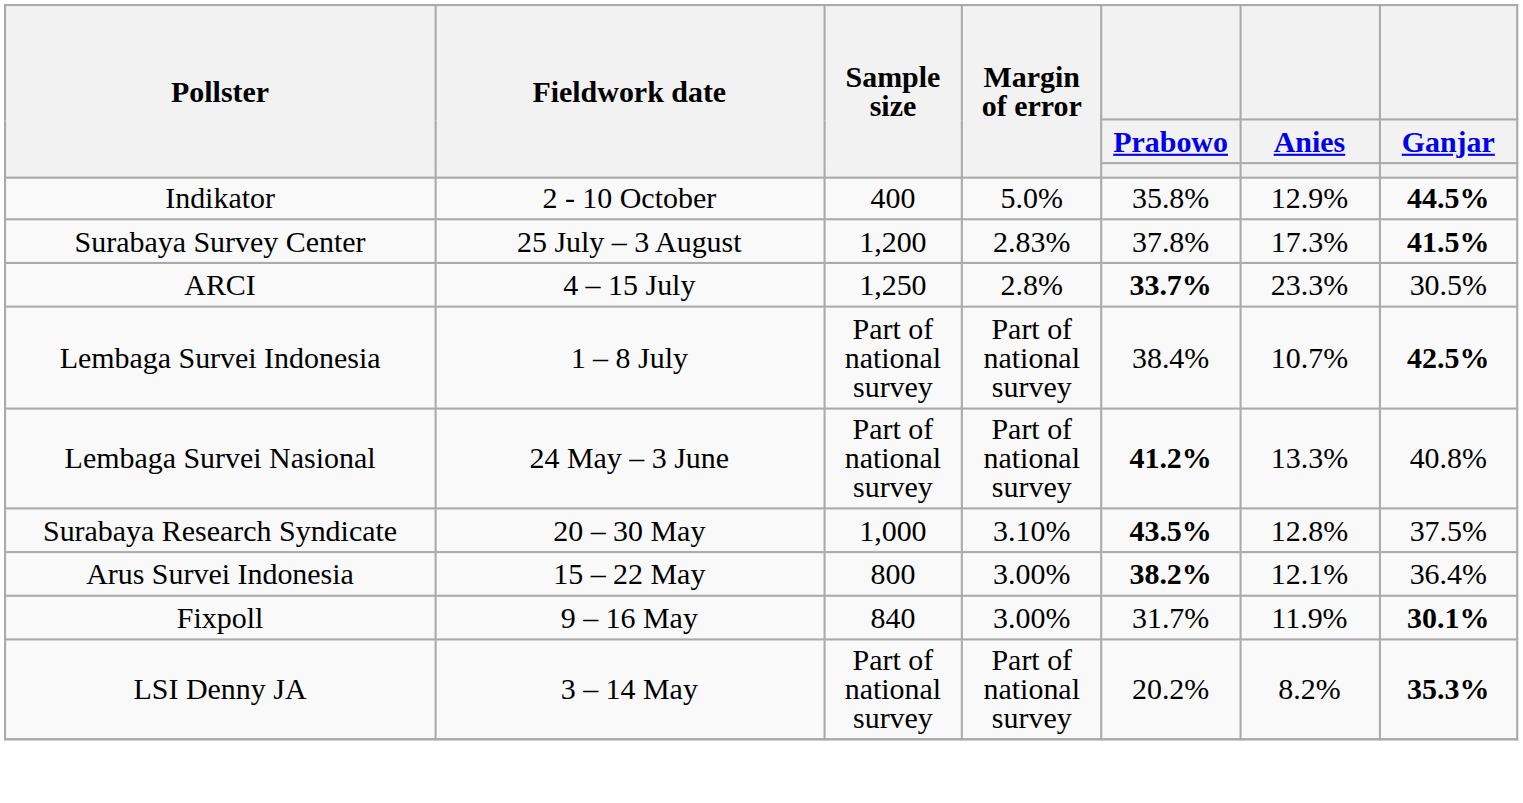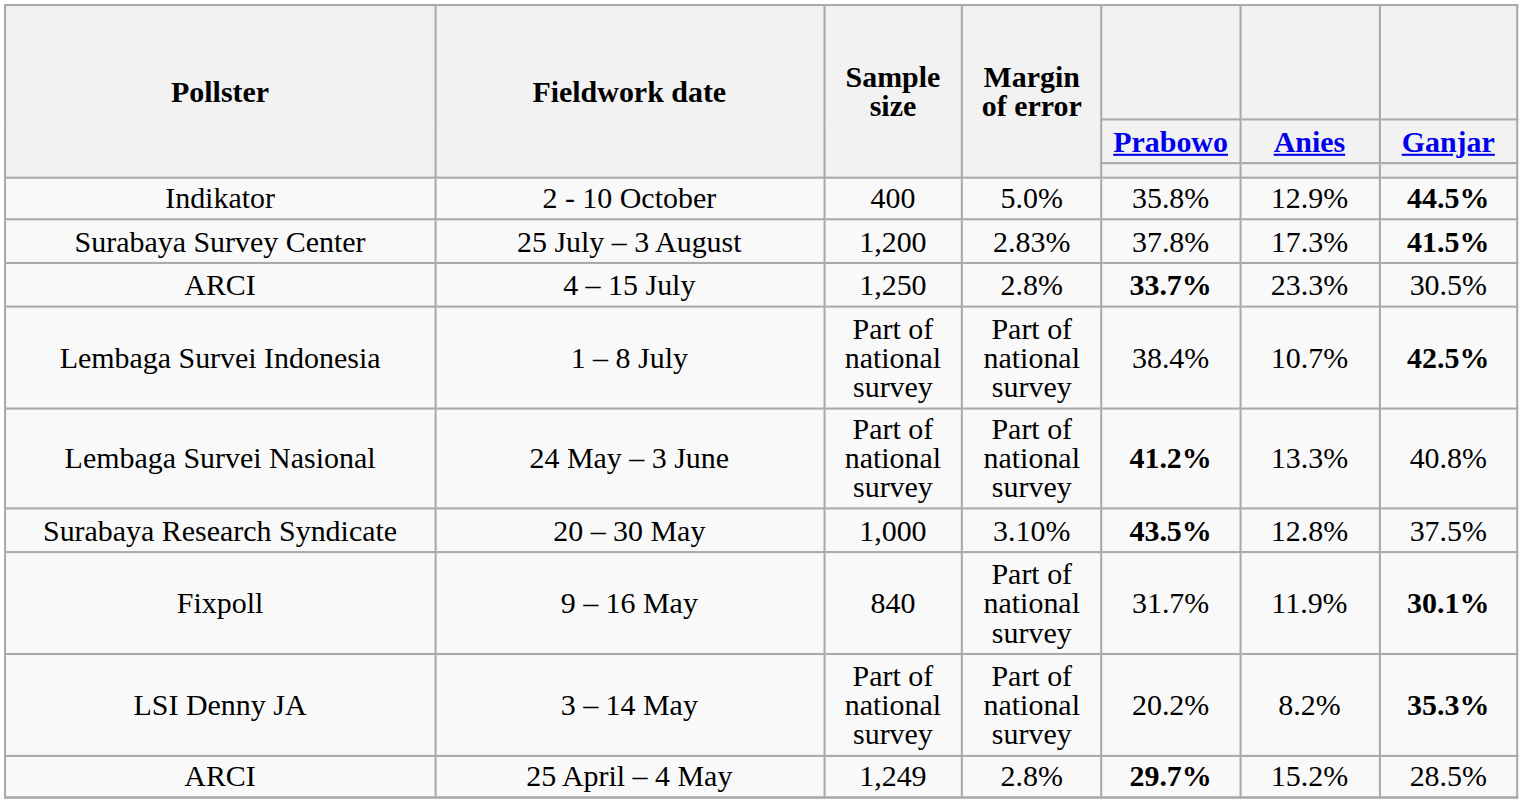 <table class="wikitable" style="text-align:center; font-size:90%; line-height:14px;">
 <tr style="height:55px; background-color:#E9E9E9">
 <th rowspan="3" style="width:200px;">Pollster</th>
 <th rowspan="3" style="width:180px;">Fieldwork date</th>
 <th rowspan="3" style="width:60px;">Sample size</th>
 <th rowspan="3" style="width:60px;">Margin of error</th>
 <th style="width:60px;"></th>
 <th style="width:60px;"></th>
 <th style="width:60px;"></th>
 </tr>
 <tr>
 <th><a href='#'>Prabowo</a> <br></th>
 <th><a href='#'>Anies</a> <br></th>
 <th><a href='#'>Ganjar</a> <br></th>
 </tr>
 <tr>
 <th class="unsortable" style="color:inherit;background:"></th>
 <th class="unsortable" style="color:inherit;background:"></th>
 <th class="unsortable" style="color:inherit;background:"></th>
 </tr>
 <tr>
 <td>Indikator</td>
 <td>2 - 10 October</td>
 <td>400</td>
 <td>5.0%</td>
 <td>35.8%</td>
 <td>12.9%</td>
 <td style="background-color:#"><strong>44.5%</strong></td>
 </tr>
 <tr>
 <td>Surabaya Survey Center</td>
 <td>25 July – 3 August</td>
 <td>1,200</td>
 <td>2.83%</td>
 <td>37.8% </td>
 <td>17.3% </td>
 <td style="background-color:#"><strong>41.5%</strong> </td>
 </tr>
 <tr>
 <td>ARCI</td>
 <td>4 – 15 July</td>
 <td>1,250</td>
 <td>2.8%</td>
 <td style="background-color:#"><strong>33.7%</strong> </td>
 <td>23.3% </td>
 <td>30.5% </td>
 </tr>
 <tr>
 <td>Lembaga Survei Indonesia</td>
 <td>1 – 8 July</td>
 <td>Part of national survey</td>
 <td>Part of national survey</td>
 <td>38.4% </td>
 <td>10.7% </td>
 <td style="background-color:#"><strong>42.5%</strong> </td>
 </tr>
 <tr>
 <td>Lembaga Survei Nasional</td>
 <td>24 May – 3 June</td>
 <td>Part of national survey</td>
 <td>Part of national survey</td>
 <td style="background-color:#"><strong>41.2%</strong> </td>
 <td>13.3% </td>
 <td>40.8% </td>
 </tr>
 <tr>
 <td>Surabaya Research Syndicate</td>
 <td>20 – 30 May</td>
 <td>1,000</td>
 <td>3.10%</td>
 <td style="background-color:#"><strong>43.5%</strong></td>
 <td>12.8%</td>
 <td>37.5%</td>
 </tr>
 <tr>
-<td>Arus Survei Indonesia</td>
-<td>15 – 22 May</td>
-<td>800</td>
-<td>3.00%</td>
-<td style="background-color:#"><strong>38.2%</strong></td>
-<td>12.1%</td>
-<td>36.4%</td>
-</tr>
-<tr>
 <td>Fixpoll</td>
 <td>9 – 16 May</td>
 <td>840</td>
-<td>3.00%</td>
+<td>Part of national survey</td>
 <td>31.7%</td>
 <td>11.9%</td>
 <td style="background-color:#"><strong>30.1%</strong></td>
 </tr>
 <tr>
 <td>LSI Denny JA</td>
 <td>3 – 14 May</td>
 <td>Part of national survey</td>
 <td>Part of national survey</td>
 <td>20.2%</td>
 <td>8.2%</td>
 <td style="background-color:#"><strong>35.3%</strong></td>
 </tr>
 <tr>
+<td>ARCI</td>
+<td>25 April – 4 May</td>
+<td>1,249</td>
+<td>2.8%</td>
+<td style="background-color:#"><strong>29.7%</strong> </td>
+<td>15.2% </td>
+<td>28.5% </td>
+</tr>
+<tr>
 </tr>
 </table>
